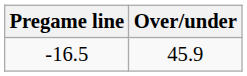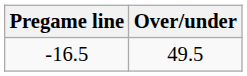 <table class="wikitable" style="margin-left: auto; margin-right: auto; border: none; display: inline-table;">
 <tr align="center">
 <th style=>Pregame line</th>
 <th style=>Over/under</th>
 </tr>
 <tr align="center">
 <td>-16.5</td>
-<td>45.9</td>
+<td>49.5</td>
 </tr>
 </table>
